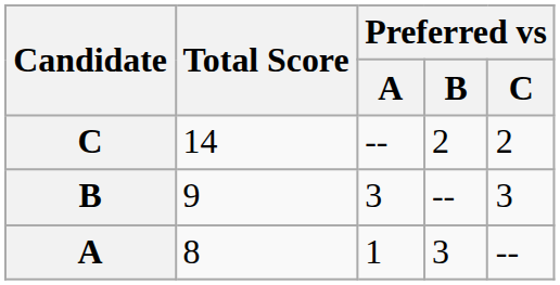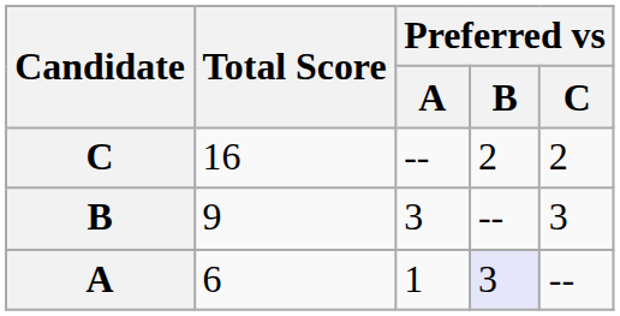 <table class="wikitable">
 <tr>
 <th rowspan=2>Candidate</th>
 <th rowspan = 2>Total Score</th>
 <th colspan=3>Preferred vs</th>
 </tr>
 <tr>
 <th>A</th>
 <th>B</th>
 <th>C</th>
 </tr>
 <tr>
 <th>C</th>
-<td>14</td>
+<td>16</td>
 <td>--</td>
 <td>2</td>
 <td>2</td>
 </tr>
 <tr>
 <th>B</th>
 <td>9</td>
 <td>3</td>
 <td>--</td>
 <td>3</td>
 </tr>
 <tr>
 <th>A</th>
-<td>8</td>
+<td>6</td>
 <td>1</td>
-<td>3</td>
+<td style="background: lavender;">3</td>
 <td>--</td>
 </tr>
 </table>
